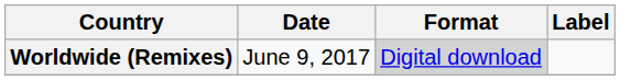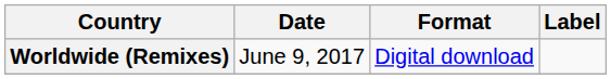 <table class="wikitable plainrowheaders">
 <tr>
 <th scope="col">Country</th>
 <th scope="col">Date</th>
 <th scope="col">Format</th>
 <th scope="col">Label</th>
 </tr>
 <tr>
 <th scope="row">Worldwide (Remixes)</th>
 <td>June 9, 2017</td>
-<td style="background: lightgrey;"><a href='#'>Digital download</a></td>
+<td><a href='#'>Digital download</a></td>
 <td></td>
 </tr>
 <tr>
 </tr>
 </table>
